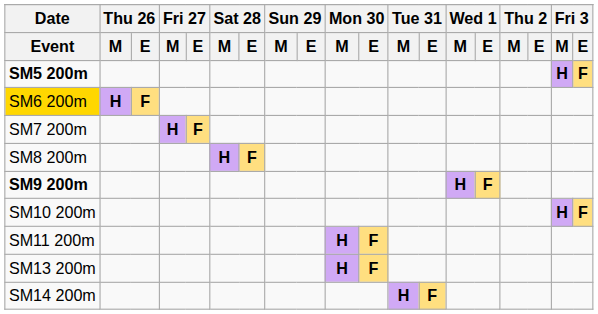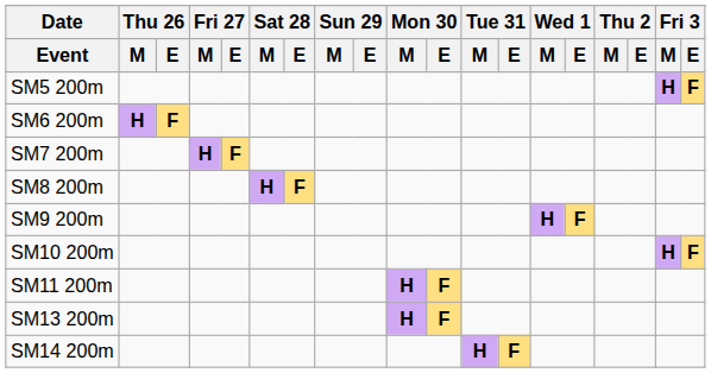 <table class="wikitable" style="margin:0.5em auto; font-size:90%; line-height:1.25em;">
 <tr align="center">
 </tr>
 <tr>
 <th>Date</th>
 <th colspan="2">Thu 26</th>
 <th colspan="2">Fri 27</th>
 <th colspan="2">Sat 28</th>
 <th colspan="2">Sun 29</th>
 <th colspan="2">Mon 30</th>
 <th colspan="2">Tue 31</th>
 <th colspan="2">Wed 1</th>
 <th colspan="2">Thu 2</th>
 <th colspan="2">Fri 3</th>
 </tr>
 <tr>
 <th>Event</th>
 <th>M</th>
 <th>E</th>
 <th>M</th>
 <th>E</th>
 <th>M</th>
 <th>E</th>
 <th>M</th>
 <th>E</th>
 <th>M</th>
 <th>E</th>
 <th>M</th>
 <th>E</th>
 <th>M</th>
 <th>E</th>
 <th>M</th>
 <th>E</th>
 <th>M</th>
 <th>E</th>
 </tr>
 <tr align="center">
-<td align="left"><strong>SM5 200m</strong></td>
+<td align="left">SM5 200m</td>
 <td colspan="2"></td>
 <td colspan="2"></td>
 <td colspan="2"></td>
 <td colspan="2"></td>
 <td colspan="2"></td>
 <td colspan="2"></td>
 <td colspan="2"></td>
 <td colspan="2"></td>
 <td bgcolor="#D0A9F5"><strong>H</strong></td>
 <td bgcolor="#FFDF80"><strong>F</strong></td>
 </tr>
 <tr align="center">
-<td align="left" style="background: gold;">SM6 200m</td>
+<td align="left">SM6 200m</td>
 <td bgcolor="#D0A9F5"><strong>H</strong></td>
 <td bgcolor="#FFDF80"><strong>F</strong></td>
 <td colspan="2"></td>
 <td colspan="2"></td>
 <td colspan="2"></td>
 <td colspan="2"></td>
 <td colspan="2"></td>
 <td colspan="2"></td>
 <td colspan="2"></td>
 <td colspan="2"></td>
 </tr>
 <tr align="center">
 <td align="left">SM7 200m</td>
 <td colspan="2"></td>
 <td bgcolor="#D0A9F5"><strong>H</strong></td>
 <td bgcolor="#FFDF80"><strong>F</strong></td>
 <td colspan="2"></td>
 <td colspan="2"></td>
 <td colspan="2"></td>
 <td colspan="2"></td>
 <td colspan="2"></td>
 <td colspan="2"></td>
 <td colspan="2"></td>
 </tr>
 <tr align="center">
 <td align="left">SM8 200m</td>
 <td colspan="2"></td>
 <td colspan="2"></td>
 <td bgcolor="#D0A9F5"><strong>H</strong></td>
 <td bgcolor="#FFDF80"><strong>F</strong></td>
 <td colspan="2"></td>
 <td colspan="2"></td>
 <td colspan="2"></td>
 <td colspan="2"></td>
 <td colspan="2"></td>
 <td colspan="2"></td>
 </tr>
 <tr align="center">
-<td align="left"><strong>SM9 200m</strong></td>
+<td align="left">SM9 200m</td>
 <td colspan="2"></td>
 <td colspan="2"></td>
 <td colspan="2"></td>
 <td colspan="2"></td>
 <td colspan="2"></td>
 <td colspan="2"></td>
 <td bgcolor="#D0A9F5"><strong>H</strong></td>
 <td bgcolor="#FFDF80"><strong>F</strong></td>
 <td colspan="2"></td>
 <td colspan="2"></td>
 </tr>
 <tr align="center">
 <td align="left">SM10 200m</td>
 <td colspan="2"></td>
 <td colspan="2"></td>
 <td colspan="2"></td>
 <td colspan="2"></td>
 <td colspan="2"></td>
 <td colspan="2"></td>
 <td colspan="2"></td>
 <td colspan="2"></td>
 <td bgcolor="#D0A9F5"><strong>H</strong></td>
 <td bgcolor="#FFDF80"><strong>F</strong></td>
 </tr>
 <tr align="center">
 <td align="left">SM11 200m</td>
 <td colspan="2"></td>
 <td colspan="2"></td>
 <td colspan="2"></td>
 <td colspan="2"></td>
 <td bgcolor="#D0A9F5"><strong>H</strong></td>
 <td bgcolor="#FFDF80"><strong>F</strong></td>
 <td colspan="2"></td>
 <td colspan="2"></td>
 <td colspan="2"></td>
 <td colspan="2"></td>
 </tr>
 <tr align="center">
 <td align="left">SM13 200m</td>
 <td colspan="2"></td>
 <td colspan="2"></td>
 <td colspan="2"></td>
 <td colspan="2"></td>
 <td bgcolor="#D0A9F5"><strong>H</strong></td>
 <td bgcolor="#FFDF80"><strong>F</strong></td>
 <td colspan="2"></td>
 <td colspan="2"></td>
 <td colspan="2"></td>
 <td colspan="2"></td>
 </tr>
 <tr align="center">
 <td align="left">SM14 200m</td>
 <td colspan="2"></td>
 <td colspan="2"></td>
 <td colspan="2"></td>
 <td colspan="2"></td>
 <td colspan="2"></td>
 <td bgcolor="#D0A9F5"><strong>H</strong></td>
 <td bgcolor="#FFDF80"><strong>F</strong></td>
 <td colspan="2"></td>
 <td colspan="2"></td>
 <td colspan="2"></td>
 </tr>
 </table>
